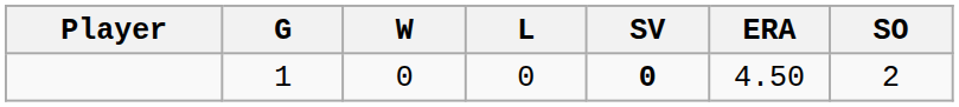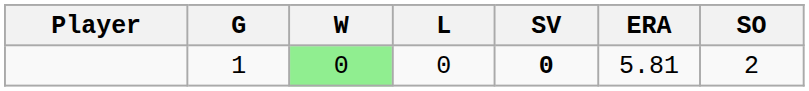 <table class="wikitable sortable">
 <tr>
 <th bgcolor="#DDDDFF" width="16%">Player</th>
 <th bgcolor="#DDDDFF" width="9%">G</th>
 <th bgcolor="#DDDDFF" width="9%">W</th>
 <th bgcolor="#DDDDFF" width="9%">L</th>
 <th bgcolor="#DDDDFF" width="9%">SV</th>
 <th bgcolor="#DDDDFF" width="9%">ERA</th>
 <th bgcolor="#DDDDFF" width="9%">SO</th>
 </tr>
 <tr align="center">
 <td></td>
 <td>1</td>
-<td>0</td>
+<td style="background: lightgreen;">0</td>
 <td>0</td>
 <td><strong>0</strong></td>
-<td>4.50</td>
+<td>5.81</td>
 <td>2</td>
 </tr>
 </table>
